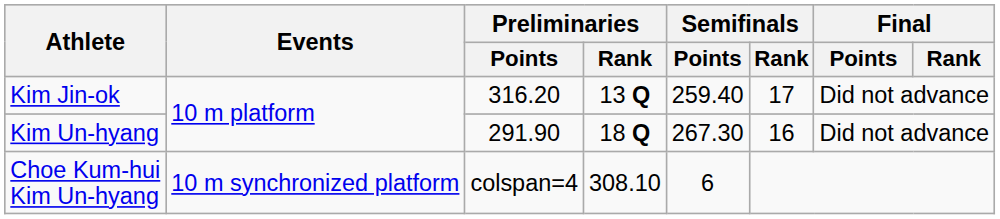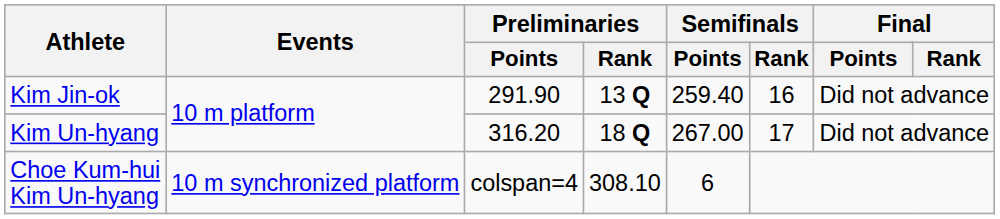 <table class=wikitable style="font-size:90%">
 <tr>
 <th rowspan="2">Athlete</th>
 <th rowspan="2">Events</th>
 <th colspan="2">Preliminaries</th>
 <th colspan="2">Semifinals</th>
 <th colspan="2">Final</th>
 </tr>
 <tr style="font-size:95%">
 <th>Points</th>
 <th>Rank</th>
 <th>Points</th>
 <th>Rank</th>
 <th>Points</th>
 <th>Rank</th>
 </tr>
 <tr align=center>
 <td align=left><a href='#'>Kim Jin-ok</a></td>
 <td align=left rowspan=2><a href='#'>10 m platform</a></td>
-<td>316.20</td>
+<td>291.90</td>
 <td>13 <strong>Q</strong></td>
 <td>259.40</td>
-<td>17</td>
+<td>16</td>
 <td colspan=2>Did not advance</td>
 </tr>
 <tr align=center>
 <td align=left><a href='#'>Kim Un-hyang</a></td>
-<td>291.90</td>
+<td>316.20</td>
 <td>18 <strong>Q</strong></td>
-<td>267.30</td>
-<td>16</td>
+<td>267.00</td>
+<td>17</td>
 <td colspan=2>Did not advance</td>
 </tr>
 <tr align=center>
 <td align=left><a href='#'>Choe Kum-hui</a><br><a href='#'>Kim Un-hyang</a></td>
 <td align=left><a href='#'>10 m synchronized platform</a></td>
 <td>colspan=4 </td>
 <td>308.10</td>
 <td>6</td>
 </tr>
 </table>
